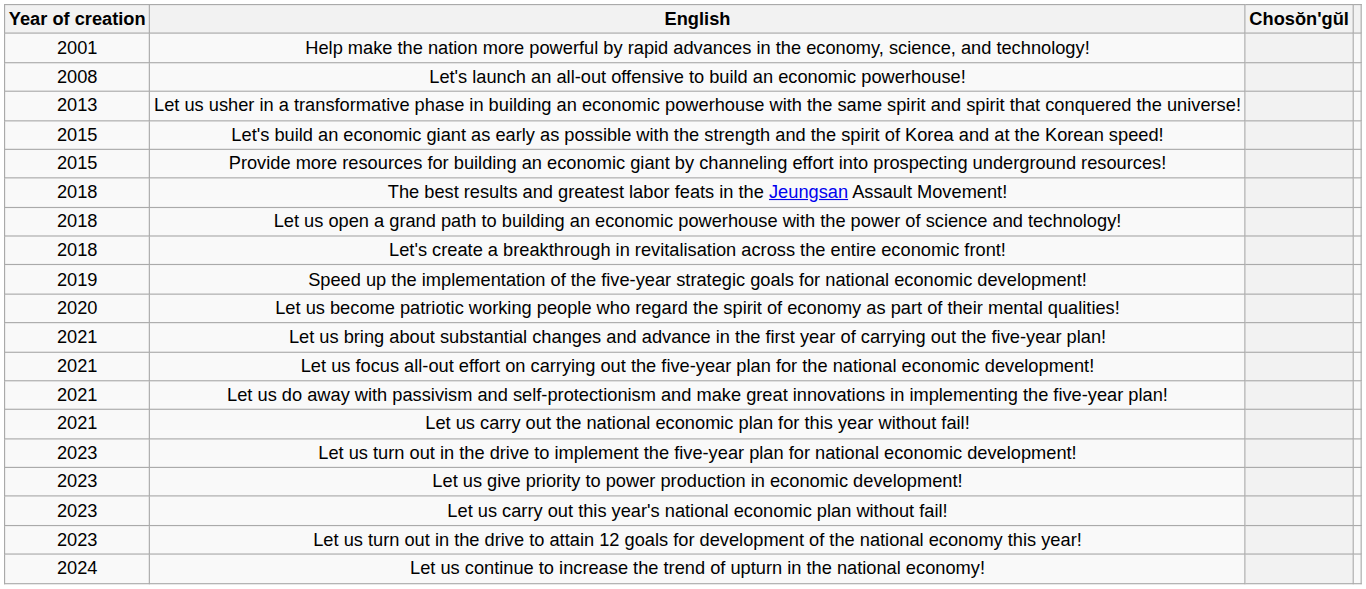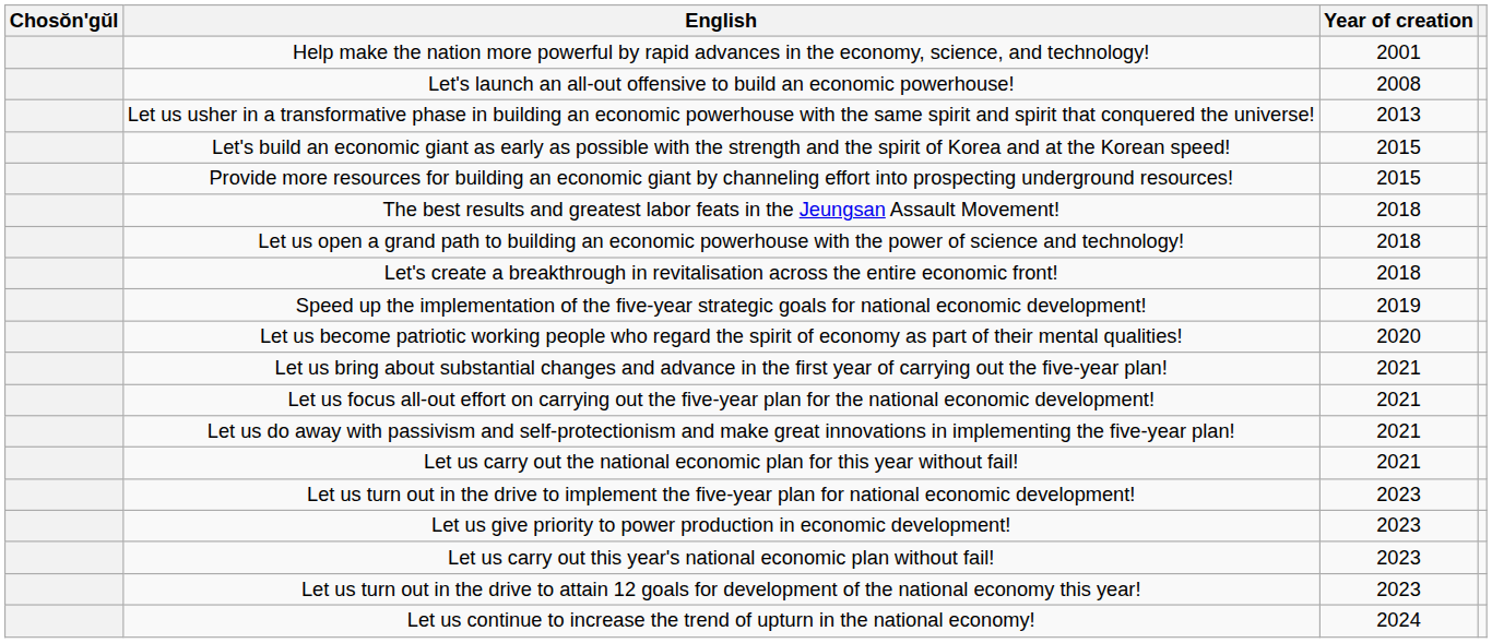 <table class="wikitable sortable" style="text-align: center;">
 <tr>
+<th scope="col">Chosŏn'gŭl</th>
+<th scope="col">English</th>
 <th scope="col">Year of creation</th>
-<th scope="col">English</th>
-<th scope="col">Chosŏn'gŭl</th>
 <th scope="col" class="unsortable"></th>
 </tr>
 <tr>
+<th scope="row"></th>
+<td>Help make the nation more powerful by rapid advances in the economy, science, and technology!</td>
 <td>2001</td>
-<td>Help make the nation more powerful by rapid advances in the economy, science, and technology!</td>
-<th scope="row"></th>
 <td></td>
 </tr>
 <tr>
+<th scope="row"></th>
+<td>Let's launch an all-out offensive to build an economic powerhouse!</td>
 <td>2008</td>
-<td>Let's launch an all-out offensive to build an economic powerhouse!</td>
-<th scope="row"></th>
 <td></td>
 </tr>
 <tr>
+<th scope="row"></th>
+<td>Let us usher in a transformative phase in building an economic powerhouse with the same spirit and spirit that conquered the universe!</td>
 <td>2013</td>
-<td>Let us usher in a transformative phase in building an economic powerhouse with the same spirit and spirit that conquered the universe!</td>
-<th scope="row"></th>
 <td></td>
 </tr>
 <tr>
+<th scope="row"></th>
+<td>Let's build an economic giant as early as possible with the strength and the spirit of Korea and at the Korean speed!</td>
 <td>2015</td>
-<td>Let's build an economic giant as early as possible with the strength and the spirit of Korea and at the Korean speed!</td>
-<th scope="row"></th>
 <td></td>
 </tr>
 <tr>
+<th scope="row"></th>
+<td>Provide more resources for building an economic giant by channeling effort into prospecting underground resources!</td>
 <td>2015</td>
-<td>Provide more resources for building an economic giant by channeling effort into prospecting underground resources!</td>
-<th scope="row"></th>
 <td></td>
 </tr>
 <tr>
+<th scope="row"></th>
+<td>The best results and greatest labor feats in the <a href='#'>Jeungsan</a> Assault Movement!</td>
 <td>2018</td>
-<td>The best results and greatest labor feats in the <a href='#'>Jeungsan</a> Assault Movement!</td>
-<th scope="row"></th>
 <td></td>
 </tr>
 <tr>
+<th scope="row"></th>
+<td>Let us open a grand path to building an economic powerhouse with the power of science and technology!</td>
 <td>2018</td>
-<td>Let us open a grand path to building an economic powerhouse with the power of science and technology!</td>
-<th scope="row"></th>
 <td></td>
 </tr>
 <tr>
+<th scope="row"></th>
+<td>Let's create a breakthrough in revitalisation across the entire economic front!</td>
 <td>2018</td>
-<td>Let's create a breakthrough in revitalisation across the entire economic front!</td>
-<th scope="row"></th>
 <td></td>
 </tr>
 <tr>
+<th scope="row"></th>
+<td>Speed up the implementation of the five-year strategic goals for national economic development!</td>
 <td>2019</td>
-<td>Speed up the implementation of the five-year strategic goals for national economic development!</td>
-<th scope="row"></th>
 <td></td>
 </tr>
 <tr>
+<th scope="row"></th>
+<td>Let us become patriotic working people who regard the spirit of economy as part of their mental qualities!</td>
 <td>2020</td>
-<td>Let us become patriotic working people who regard the spirit of economy as part of their mental qualities!</td>
-<th scope="row"></th>
 <td></td>
 </tr>
 <tr>
+<th scope="row"></th>
+<td>Let us bring about substantial changes and advance in the first year of carrying out the five-year plan!</td>
 <td>2021</td>
-<td>Let us bring about substantial changes and advance in the first year of carrying out the five-year plan!</td>
-<th scope="row"></th>
 <td></td>
 </tr>
 <tr>
+<th scope="row"></th>
+<td>Let us focus all-out effort on carrying out the five-year plan for the national economic development!</td>
 <td>2021</td>
-<td>Let us focus all-out effort on carrying out the five-year plan for the national economic development!</td>
-<th scope="row"></th>
 <td></td>
 </tr>
 <tr>
+<th scope="row"></th>
+<td>Let us do away with passivism and self-protectionism and make great innovations in implementing the five-year plan!</td>
 <td>2021</td>
-<td>Let us do away with passivism and self-protectionism and make great innovations in implementing the five-year plan!</td>
-<th scope="row"></th>
 <td></td>
 </tr>
 <tr>
+<th scope="row"></th>
+<td>Let us carry out the national economic plan for this year without fail!</td>
 <td>2021</td>
-<td>Let us carry out the national economic plan for this year without fail!</td>
-<th scope="row"></th>
 <td></td>
 </tr>
 <tr>
+<th scope="row"></th>
+<td>Let us turn out in the drive to implement the five-year plan for national economic development!</td>
 <td>2023</td>
-<td>Let us turn out in the drive to implement the five-year plan for national economic development!</td>
-<th scope="row"></th>
 <td></td>
 </tr>
 <tr>
+<th scope="row"></th>
+<td>Let us give priority to power production in economic development!</td>
 <td>2023</td>
-<td>Let us give priority to power production in economic development!</td>
-<th scope="row"></th>
 <td></td>
 </tr>
 <tr>
+<th scope="row"></th>
+<td>Let us carry out this year's national economic plan without fail!</td>
 <td>2023</td>
-<td>Let us carry out this year's national economic plan without fail!</td>
-<th scope="row"></th>
 <td></td>
 </tr>
 <tr>
+<th scope="row"></th>
+<td>Let us turn out in the drive to attain 12 goals for development of the national economy this year!</td>
 <td>2023</td>
-<td>Let us turn out in the drive to attain 12 goals for development of the national economy this year!</td>
-<th scope="row"></th>
 <td></td>
 </tr>
 <tr>
+<th scope="row"></th>
+<td>Let us continue to increase the trend of upturn in the national economy!</td>
 <td>2024</td>
-<td>Let us continue to increase the trend of upturn in the national economy!</td>
-<th scope="row"></th>
 <td></td>
 </tr>
 </table>
